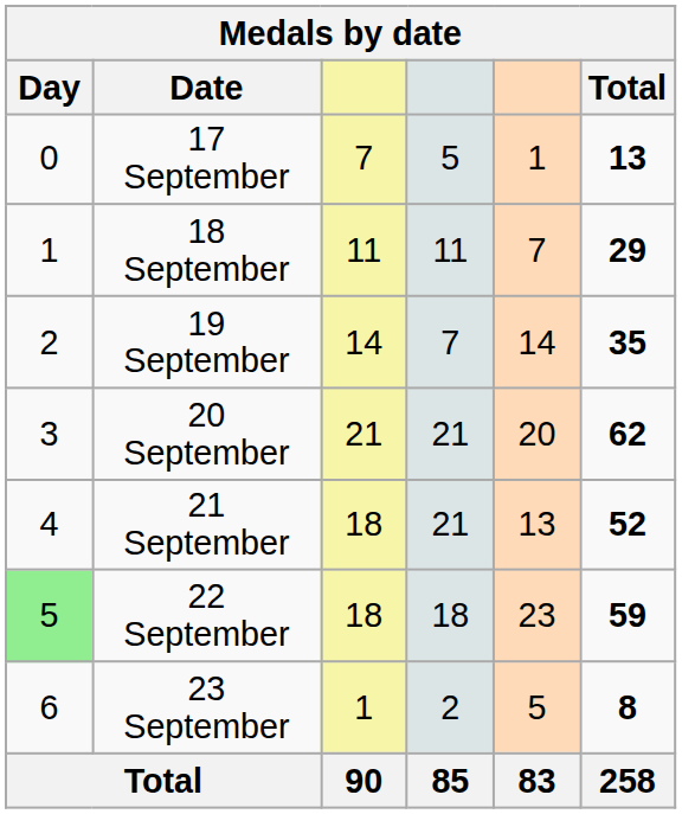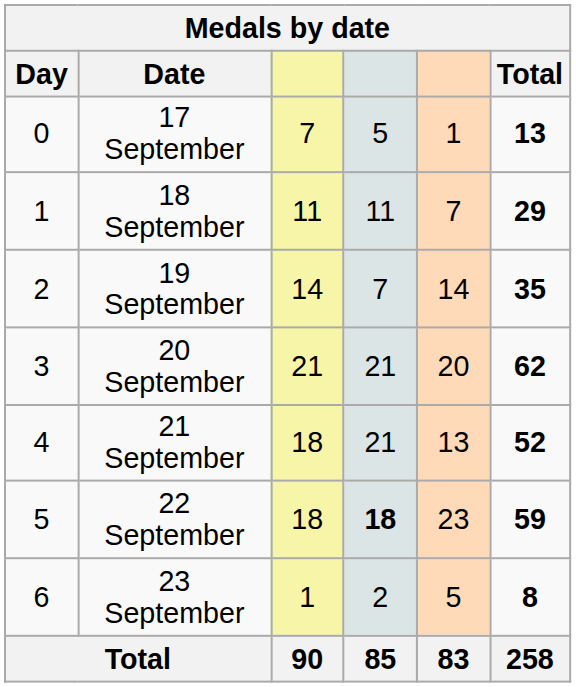 <table class="wikitable sortable" style="font-size:90%; text-align:center;">
 <tr style="background:#efefef;">
 <th colspan=6><strong>Medals by date</strong></th>
 </tr>
 <tr>
 <th width=30><strong>Day</strong></th>
 <th width=90><strong>Date</strong></th>
 <th width=30 style="background:#F7F6A8;"></th>
 <th width=30 style="background:#DCE5E5;"></th>
 <th width=30 style="background:#FFDAB9;"></th>
 <th width=30><strong>Total</strong></th>
 </tr>
 <tr>
 <td>0</td>
 <td>17 September</td>
 <td style="background:#F7F6A8;">7</td>
 <td style="background:#DCE5E5;">5</td>
 <td style="background:#FFDAB9;">1</td>
 <td><strong>13</strong></td>
 </tr>
 <tr>
 <td>1</td>
 <td>18 September</td>
 <td style="background:#F7F6A8;">11</td>
 <td style="background:#DCE5E5;">11</td>
 <td style="background:#FFDAB9;">7</td>
 <td><strong>29</strong></td>
 </tr>
 <tr>
 <td>2</td>
 <td>19 September</td>
 <td style="background:#F7F6A8;">14</td>
 <td style="background:#DCE5E5;">7</td>
 <td style="background:#FFDAB9;">14</td>
 <td><strong>35</strong></td>
 </tr>
 <tr>
 <td>3</td>
 <td>20 September</td>
 <td style="background:#F7F6A8;">21</td>
 <td style="background:#DCE5E5;">21</td>
 <td style="background:#FFDAB9;">20</td>
 <td><strong>62</strong></td>
 </tr>
 <tr>
 <td>4</td>
 <td>21 September</td>
 <td style="background:#F7F6A8;">18</td>
 <td style="background:#DCE5E5;">21</td>
 <td style="background:#FFDAB9;">13</td>
 <td><strong>52</strong></td>
 </tr>
 <tr>
-<td style="background: lightgreen;">5</td>
+<td>5</td>
 <td>22 September</td>
 <td style="background:#F7F6A8;">18</td>
-<td style="background:#DCE5E5;">18</td>
+<td style="background:#DCE5E5;"><strong>18</strong></td>
 <td style="background:#FFDAB9;">23</td>
 <td><strong>59</strong></td>
 </tr>
 <tr>
 <td>6</td>
 <td>23 September</td>
 <td style="background:#F7F6A8;">1</td>
 <td style="background:#DCE5E5;">2</td>
 <td style="background:#FFDAB9;">5</td>
 <td><strong>8</strong></td>
 </tr>
 <tr>
 <th colspan="2">Total</th>
 <th>90</th>
 <th>85</th>
 <th>83</th>
 <th>258</th>
 </tr>
 </table>
